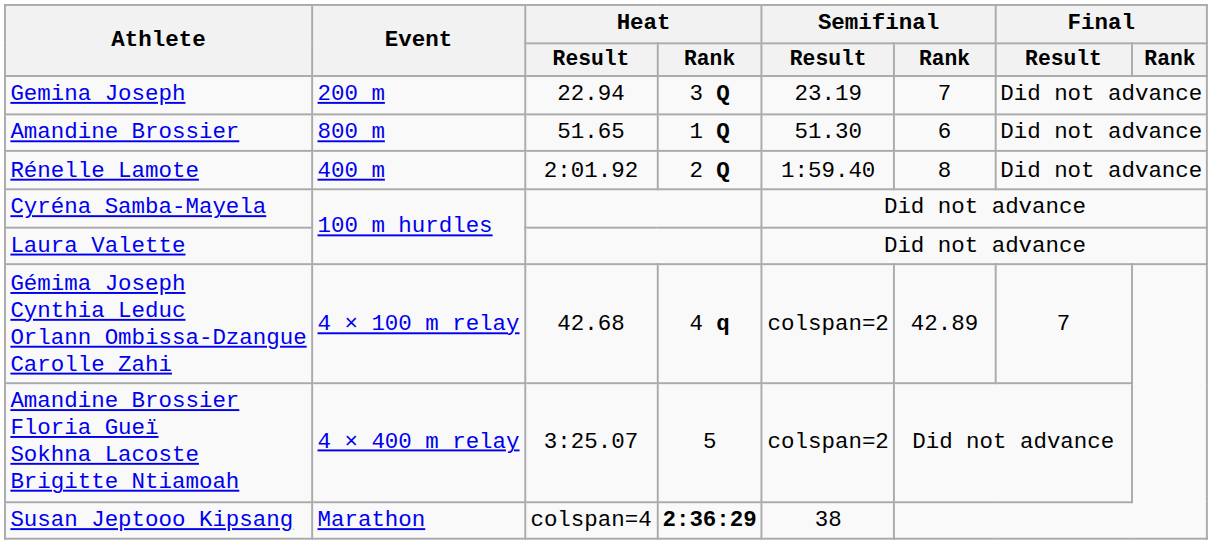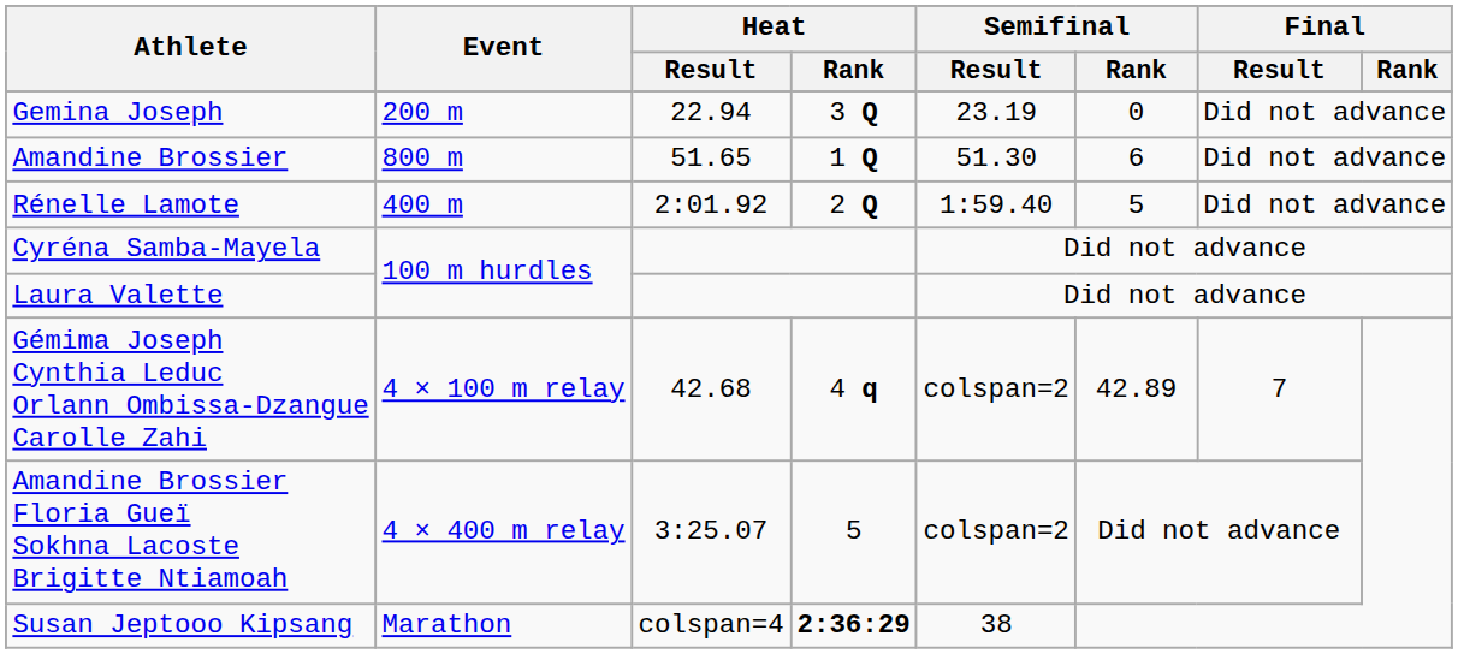 <table class="wikitable" style="font-size:90%">
 <tr>
 <th rowspan="2">Athlete</th>
 <th rowspan="2">Event</th>
 <th colspan="2">Heat</th>
 <th colspan="2">Semifinal</th>
 <th colspan="2">Final</th>
 </tr>
 <tr style="font-size:95%">
 <th>Result</th>
 <th>Rank</th>
 <th>Result</th>
 <th>Rank</th>
 <th>Result</th>
 <th>Rank</th>
 </tr>
 <tr align=center>
 <td align="left"><a href='#'>Gemina Joseph</a></td>
 <td align="left"><a href='#'>200 m</a></td>
 <td>22.94</td>
 <td>3 <strong>Q</strong></td>
 <td>23.19</td>
-<td>7</td>
+<td>0</td>
 <td colspan=2>Did not advance</td>
 </tr>
 <tr align=center>
 <td align="left"><a href='#'>Amandine Brossier</a></td>
 <td align="left"><a href='#'>800 m</a></td>
 <td>51.65</td>
 <td>1 <strong>Q</strong></td>
 <td>51.30</td>
 <td>6</td>
 <td colspan=2>Did not advance</td>
 </tr>
 <tr align=center>
 <td align="left"><a href='#'>Rénelle Lamote</a></td>
 <td align="left"><a href='#'>400 m</a></td>
 <td>2:01.92</td>
 <td>2 <strong>Q</strong></td>
 <td>1:59.40</td>
-<td>8</td>
+<td>5</td>
 <td colspan=4>Did not advance</td>
 </tr>
 <tr align=center>
 <td align="left"><a href='#'>Cyréna Samba-Mayela</a></td>
 <td align="left"rowspan=2><a href='#'>100 m hurdles</a></td>
 <td colspan=2></td>
 <td colspan=6>Did not advance</td>
 </tr>
 <tr align=center>
 <td align="left"><a href='#'>Laura Valette</a></td>
 <td colspan=2></td>
 <td colspan=6>Did not advance</td>
 </tr>
 <tr align=center>
 <td align=left><a href='#'>Gémima Joseph</a><br><a href='#'>Cynthia Leduc</a><br><a href='#'>Orlann Ombissa-Dzangue</a><br><a href='#'>Carolle Zahi</a></td>
 <td align=left><a href='#'>4 × 100 m relay</a></td>
 <td>42.68</td>
 <td>4 <strong>q</strong></td>
 <td>colspan=2 </td>
 <td>42.89</td>
 <td>7</td>
 </tr>
 <tr align=center>
 <td align=left><a href='#'>Amandine Brossier</a><br><a href='#'>Floria Gueï</a><br><a href='#'>Sokhna Lacoste</a><br><a href='#'>Brigitte Ntiamoah</a></td>
 <td align=left><a href='#'>4 × 400 m relay</a></td>
 <td>3:25.07</td>
 <td>5</td>
 <td>colspan=2 </td>
 <td colspan=2>Did not advance</td>
 </tr>
 <tr align=center>
 <td align="left"><a href='#'>Susan Jeptooo Kipsang</a></td>
 <td align="left"><a href='#'>Marathon</a></td>
 <td>colspan=4 </td>
 <td><strong>2:36:29</strong></td>
 <td>38</td>
 </tr>
 </table>
